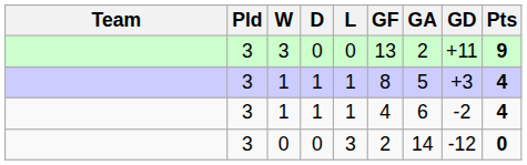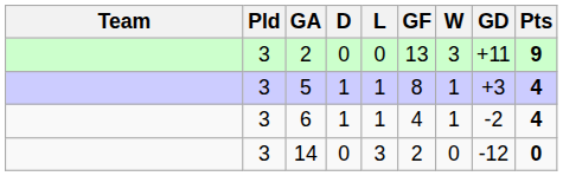 <table class="wikitable" style="text-align: center;">
 <tr>
 <th style="width:175px;">Team</th>
 <th width="20">Pld</th>
-<th width="20">W</th>
+<th width="20">GA</th>
 <th width="20">D</th>
 <th width="20">L</th>
 <th width="20">GF</th>
-<th width="20">GA</th>
+<th width="20">W</th>
 <th width="20">GD</th>
 <th width="20">Pts</th>
 </tr>
 <tr style="background:#cfc;">
 <td style="text-align:left;"></td>
 <td>3</td>
-<td>3</td>
+<td>2</td>
 <td>0</td>
 <td>0</td>
 <td>13</td>
-<td>2</td>
+<td>3</td>
 <td>+11</td>
 <td><strong>9</strong></td>
 </tr>
 <tr style="background:#ccf;">
 <td style="text-align:left;"></td>
 <td>3</td>
-<td>1</td>
+<td>5</td>
 <td>1</td>
 <td>1</td>
 <td>8</td>
-<td>5</td>
+<td>1</td>
 <td>+3</td>
 <td><strong>4</strong></td>
 </tr>
 <tr>
 <td style="text-align:left;"></td>
 <td>3</td>
-<td>1</td>
+<td>6</td>
 <td>1</td>
 <td>1</td>
 <td>4</td>
-<td>6</td>
+<td>1</td>
 <td>-2</td>
 <td><strong>4</strong></td>
 </tr>
 <tr>
 <td style="text-align:left;"></td>
 <td>3</td>
-<td>0</td>
+<td>14</td>
 <td>0</td>
 <td>3</td>
 <td>2</td>
-<td>14</td>
+<td>0</td>
 <td>-12</td>
 <td><strong>0</strong></td>
 </tr>
 </table>
